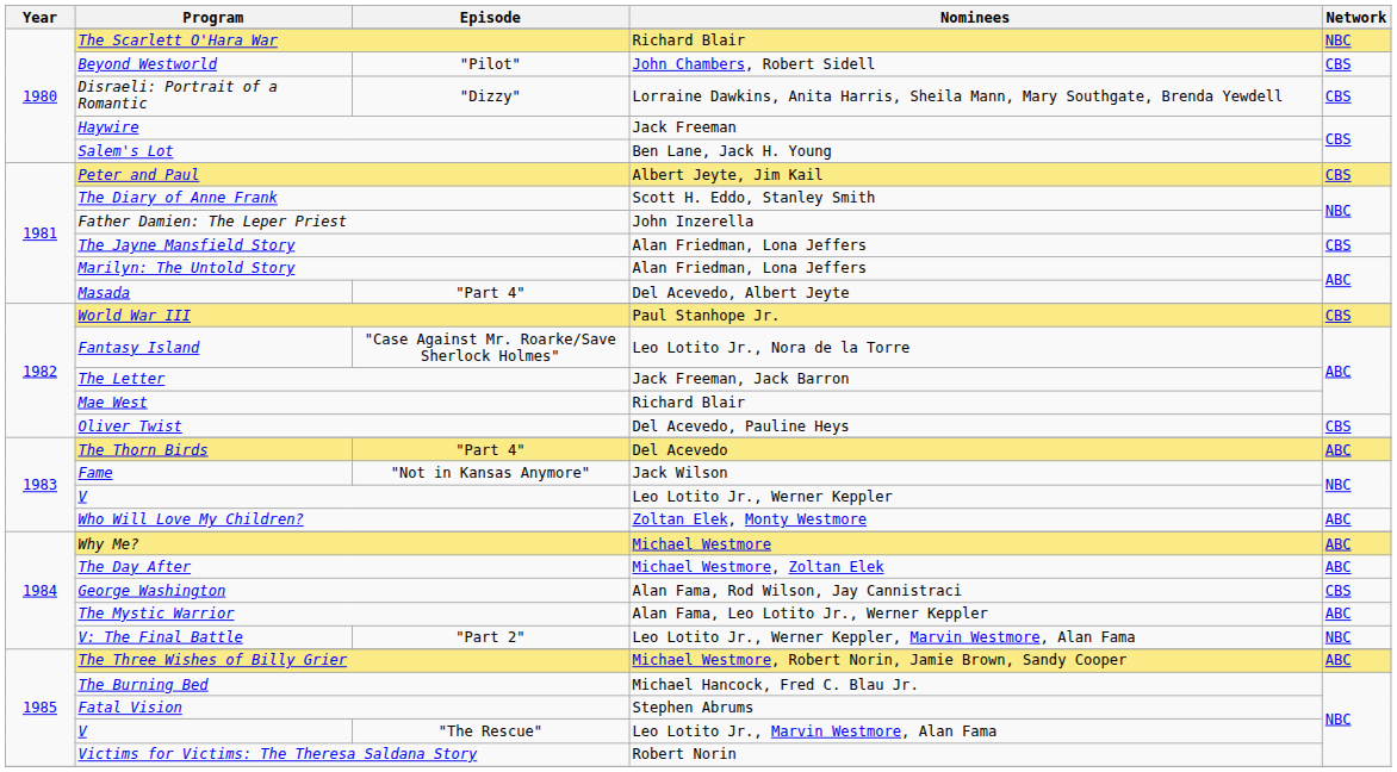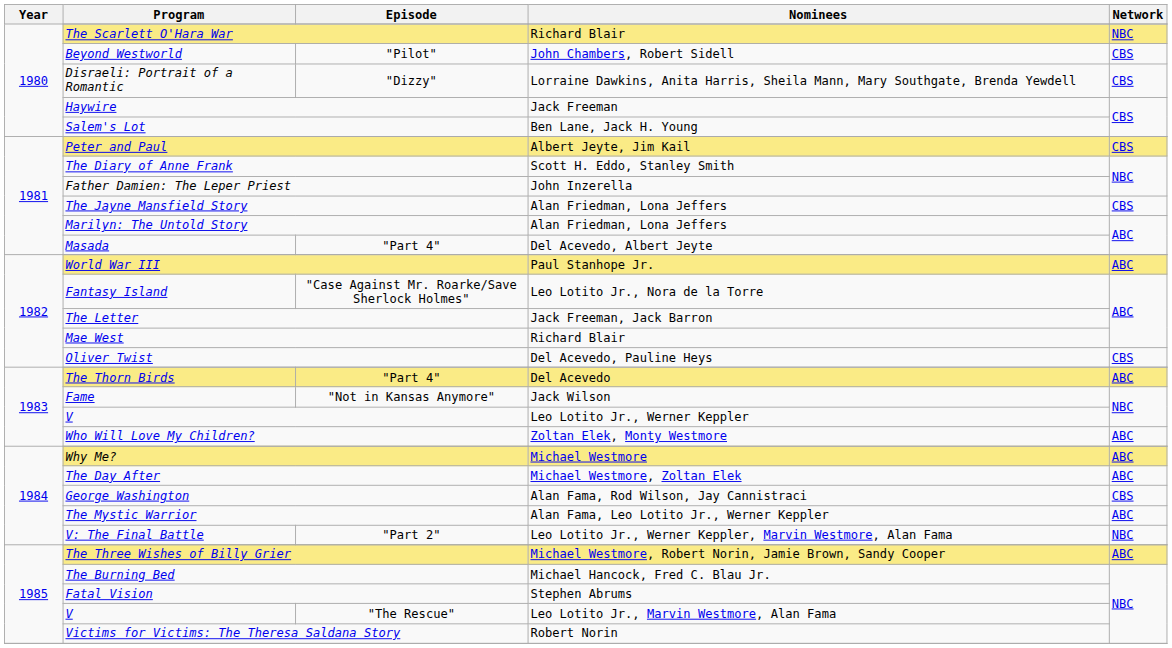 <table class="wikitable">
 <tr>
 <th width="5%">Year</th>
 <th width="20%">Program</th>
 <th width="20%">Episode</th>
 <th width="50%">Nominees</th>
 <th width="5%">Network</th>
 </tr>
 <tr>
 <td rowspan="6" style="text-align:center;"><a href='#'>1980</a><br></td>
 </tr>
 <tr style="background:#FAEB86;">
 <td colspan=2><em><a href='#'>The Scarlett O'Hara War</a></em></td>
 <td>Richard Blair</td>
 <td><a href='#'>NBC</a></td>
 </tr>
 <tr>
 <td><em><a href='#'>Beyond Westworld</a></em></td>
 <td align=center>"Pilot"</td>
 <td><a href='#'>John Chambers</a>, Robert Sidell</td>
 <td><a href='#'>CBS</a></td>
 </tr>
 <tr>
 <td><em>Disraeli: Portrait of a Romantic</em></td>
 <td align=center>"Dizzy"</td>
 <td>Lorraine Dawkins, Anita Harris, Sheila Mann, Mary Southgate, Brenda Yewdell</td>
 <td><a href='#'>CBS</a></td>
 </tr>
 <tr>
 <td colspan=2><em><a href='#'>Haywire</a></em></td>
 <td>Jack Freeman</td>
 <td rowspan=2><a href='#'>CBS</a></td>
 </tr>
 <tr>
 <td colspan=2><em><a href='#'>Salem's Lot</a></em></td>
 <td>Ben Lane, Jack H. Young</td>
 </tr>
 <tr>
 <td rowspan="7" style="text-align:center;"><a href='#'>1981</a><br></td>
 </tr>
 <tr style="background:#FAEB86;">
 <td colspan=2><em><a href='#'>Peter and Paul</a></em></td>
 <td>Albert Jeyte, Jim Kail</td>
 <td><a href='#'>CBS</a></td>
 </tr>
 <tr>
 <td colspan=2><em><a href='#'>The Diary of Anne Frank</a></em></td>
 <td>Scott H. Eddo, Stanley Smith</td>
 <td rowspan=2><a href='#'>NBC</a></td>
 </tr>
 <tr>
 <td colspan=2><em>Father Damien: The Leper Priest</em></td>
 <td>John Inzerella</td>
 </tr>
 <tr>
 <td colspan=2><em><a href='#'>The Jayne Mansfield Story</a></em></td>
 <td>Alan Friedman, Lona Jeffers</td>
 <td><a href='#'>CBS</a></td>
 </tr>
 <tr>
 <td colspan=2><em><a href='#'>Marilyn: The Untold Story</a></em></td>
 <td>Alan Friedman, Lona Jeffers</td>
 <td rowspan=2><a href='#'>ABC</a></td>
 </tr>
 <tr>
 <td><em><a href='#'>Masada</a></em></td>
 <td align=center>"Part 4"</td>
 <td>Del Acevedo, Albert Jeyte</td>
 </tr>
 <tr>
 <td rowspan="6" style="text-align:center;"><a href='#'>1982</a><br></td>
 </tr>
 <tr style="background:#FAEB86;">
 <td colspan=2><em><a href='#'>World War III</a></em></td>
 <td>Paul Stanhope Jr.</td>
-<td><a href='#'>CBS</a></td>
+<td><a href='#'>ABC</a></td>
 </tr>
 <tr>
 <td><em><a href='#'>Fantasy Island</a></em></td>
 <td align=center>"Case Against Mr. Roarke/Save Sherlock Holmes"</td>
 <td>Leo Lotito Jr., Nora de la Torre</td>
 <td rowspan=3><a href='#'>ABC</a></td>
 </tr>
 <tr>
 <td colspan=2><em><a href='#'>The Letter</a></em></td>
 <td>Jack Freeman, Jack Barron</td>
 </tr>
 <tr>
 <td colspan=2><em><a href='#'>Mae West</a></em></td>
 <td>Richard Blair</td>
 </tr>
 <tr>
 <td colspan=2><em><a href='#'>Oliver Twist</a></em></td>
 <td>Del Acevedo, Pauline Heys</td>
 <td><a href='#'>CBS</a></td>
 </tr>
 <tr>
 <td rowspan="5" style="text-align:center;"><a href='#'>1983</a><br></td>
 </tr>
 <tr style="background:#FAEB86;">
 <td><em><a href='#'>The Thorn Birds</a></em></td>
 <td align=center>"Part 4"</td>
 <td>Del Acevedo</td>
 <td><a href='#'>ABC</a></td>
 </tr>
 <tr>
 <td><em><a href='#'>Fame</a></em></td>
 <td align=center>"Not in Kansas Anymore"</td>
 <td>Jack Wilson</td>
 <td rowspan=2><a href='#'>NBC</a></td>
 </tr>
 <tr>
 <td colspan=2><em><a href='#'>V</a></em></td>
 <td>Leo Lotito Jr., Werner Keppler</td>
 </tr>
 <tr>
 <td colspan=2><em><a href='#'>Who Will Love My Children?</a></em></td>
 <td><a href='#'>Zoltan Elek</a>, <a href='#'>Monty Westmore</a></td>
 <td><a href='#'>ABC</a></td>
 </tr>
 <tr>
 <td rowspan="6" style="text-align:center;"><a href='#'>1984</a><br></td>
 </tr>
 <tr style="background:#FAEB86;">
 <td colspan=2><em>Why Me?</em></td>
 <td><a href='#'>Michael Westmore</a></td>
 <td><a href='#'>ABC</a></td>
 </tr>
 <tr>
 <td colspan=2><em><a href='#'>The Day After</a></em></td>
 <td><a href='#'>Michael Westmore</a>, <a href='#'>Zoltan Elek</a></td>
 <td><a href='#'>ABC</a></td>
 </tr>
 <tr>
 <td colspan=2><em><a href='#'>George Washington</a></em></td>
 <td>Alan Fama, Rod Wilson, Jay Cannistraci</td>
 <td><a href='#'>CBS</a></td>
 </tr>
 <tr>
 <td colspan=2><em><a href='#'>The Mystic Warrior</a></em></td>
 <td>Alan Fama, Leo Lotito Jr., Werner Keppler</td>
 <td><a href='#'>ABC</a></td>
 </tr>
 <tr>
 <td><em><a href='#'>V: The Final Battle</a></em></td>
 <td align=center>"Part 2"</td>
 <td>Leo Lotito Jr., Werner Keppler, <a href='#'>Marvin Westmore</a>, Alan Fama</td>
 <td><a href='#'>NBC</a></td>
 </tr>
 <tr>
 <td rowspan="6" style="text-align:center;"><a href='#'>1985</a><br></td>
 </tr>
 <tr style="background:#FAEB86;">
 <td colspan=2><em><a href='#'>The Three Wishes of Billy Grier</a></em></td>
 <td><a href='#'>Michael Westmore</a>, Robert Norin, Jamie Brown, Sandy Cooper</td>
 <td><a href='#'>ABC</a></td>
 </tr>
 <tr>
 <td colspan=2><em><a href='#'>The Burning Bed</a></em></td>
 <td>Michael Hancock, Fred C. Blau Jr.</td>
 <td rowspan=4><a href='#'>NBC</a></td>
 </tr>
 <tr>
 <td colspan=2><em><a href='#'>Fatal Vision</a></em></td>
 <td>Stephen Abrums</td>
 </tr>
 <tr>
 <td><em><a href='#'>V</a></em></td>
 <td align=center>"The Rescue"</td>
 <td>Leo Lotito Jr., <a href='#'>Marvin Westmore</a>, Alan Fama</td>
 </tr>
 <tr>
 <td colspan=2><em><a href='#'>Victims for Victims: The Theresa Saldana Story</a></em></td>
 <td>Robert Norin</td>
 </tr>
 <tr>
 </tr>
 </table>
